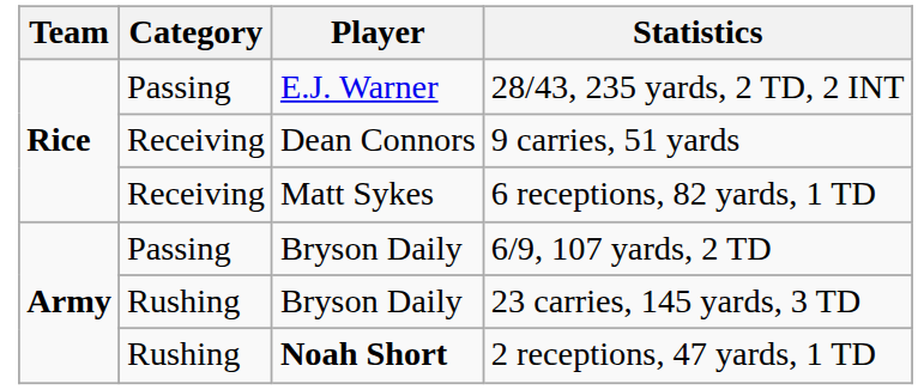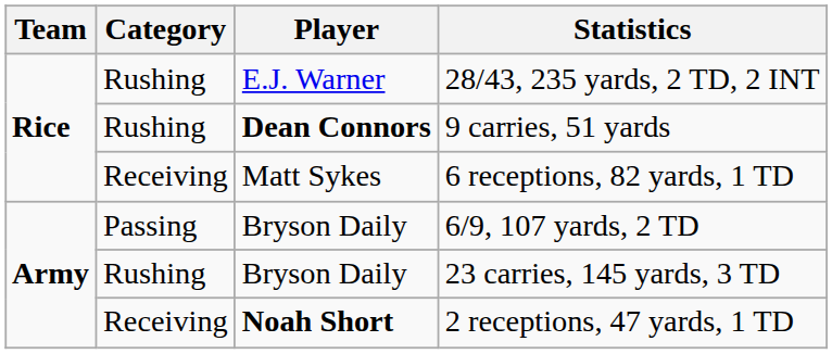 <table class="wikitable" style="float: right;">
 <tr>
 <th>Team</th>
 <th>Category</th>
 <th>Player</th>
 <th>Statistics</th>
 </tr>
 <tr>
 <td rowspan=3><strong>Rice</strong></td>
-<td>Passing</td>
+<td>Rushing</td>
 <td><a href='#'>E.J. Warner</a></td>
 <td>28/43, 235 yards, 2 TD, 2 INT</td>
 </tr>
 <tr>
-<td>Receiving</td>
-<td>Dean Connors</td>
+<td>Rushing</td>
+<td><strong>Dean Connors</strong></td>
 <td>9 carries, 51 yards</td>
 </tr>
 <tr>
 <td>Receiving</td>
 <td>Matt Sykes</td>
 <td>6 receptions, 82 yards, 1 TD</td>
 </tr>
 <tr>
 <td rowspan=3><strong>Army</strong></td>
 <td>Passing</td>
 <td>Bryson Daily</td>
 <td>6/9, 107 yards, 2 TD</td>
 </tr>
 <tr>
 <td>Rushing</td>
 <td>Bryson Daily</td>
 <td>23 carries, 145 yards, 3 TD</td>
 </tr>
 <tr>
-<td>Rushing</td>
+<td>Receiving</td>
 <td><strong>Noah Short</strong></td>
 <td>2 receptions, 47 yards, 1 TD</td>
 </tr>
 </table>
